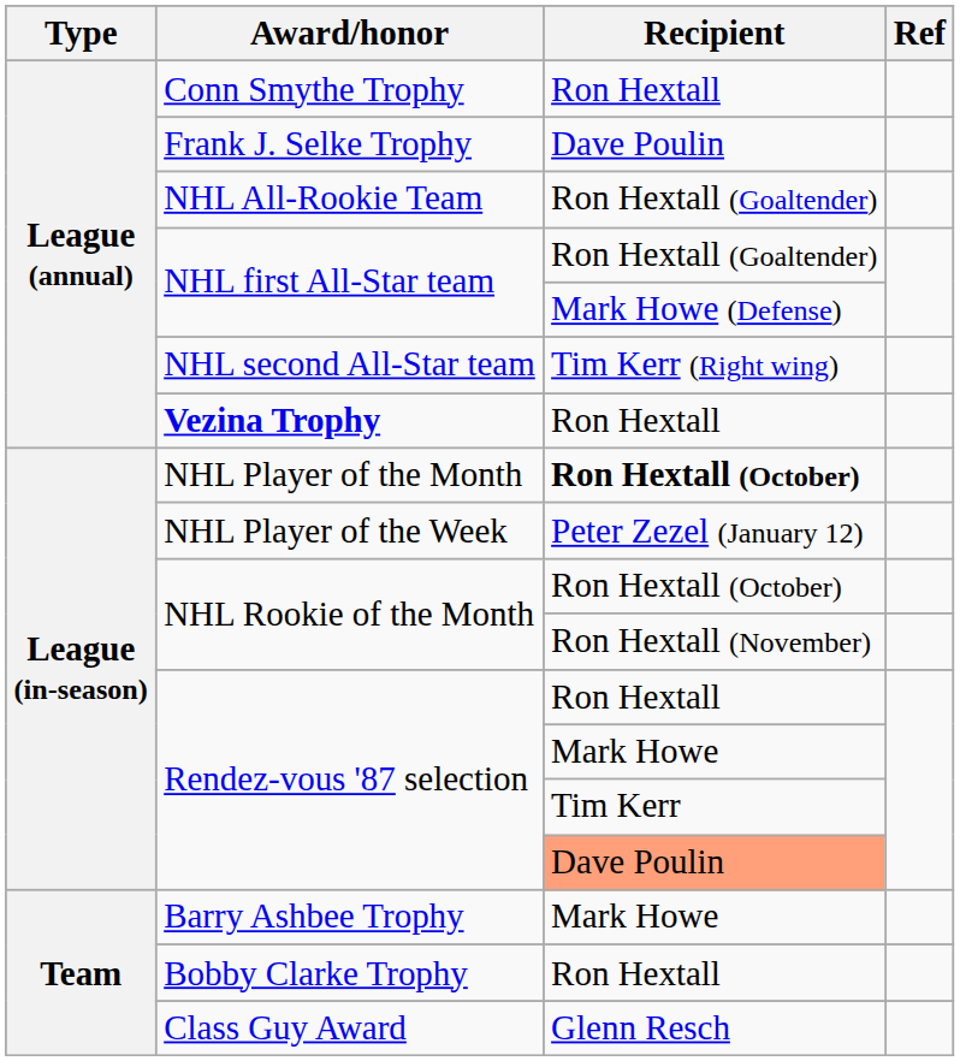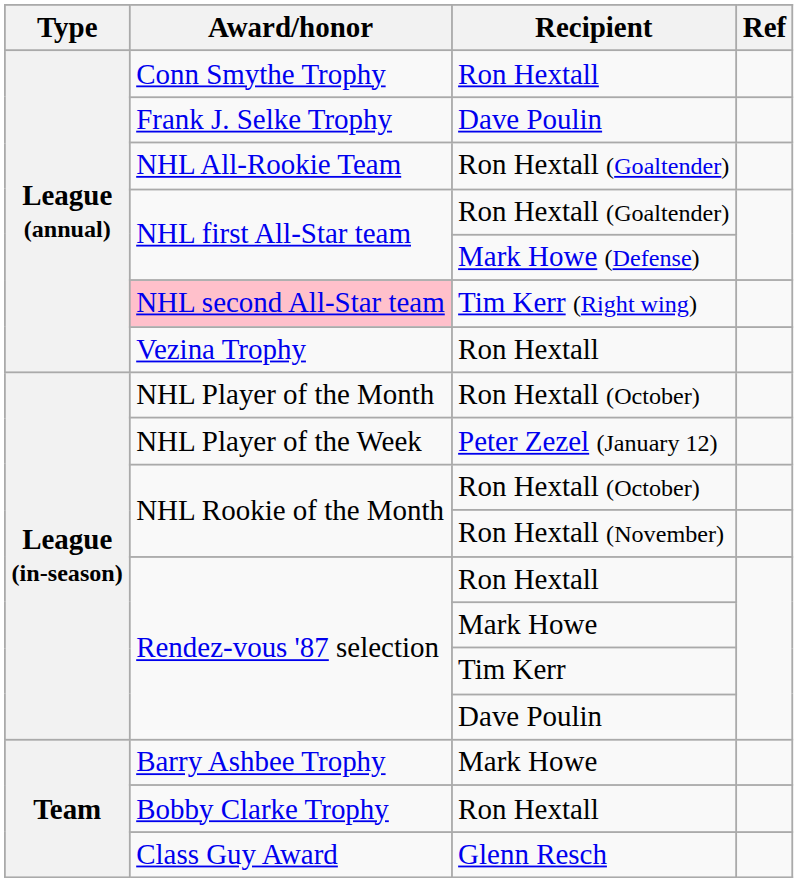 <table class="wikitable">
 <tr>
 <th scope="col">Type</th>
 <th scope="col">Award/honor</th>
 <th scope="col">Recipient</th>
 <th scope="col">Ref</th>
 </tr>
 <tr>
 <th scope="row" rowspan="7">League<br><small>(annual)</small></th>
 <td><a href='#'>Conn Smythe Trophy</a></td>
 <td><a href='#'>Ron Hextall</a></td>
 <td></td>
 </tr>
 <tr>
 <td><a href='#'>Frank J. Selke Trophy</a></td>
 <td><a href='#'>Dave Poulin</a></td>
 <td></td>
 </tr>
 <tr>
 <td><a href='#'>NHL All-Rookie Team</a></td>
 <td>Ron Hextall <small>(<a href='#'>Goaltender</a>)</small></td>
 <td></td>
 </tr>
 <tr>
 <td rowspan="2"><a href='#'>NHL first All-Star team</a></td>
 <td>Ron Hextall <small>(Goaltender)</small></td>
 <td rowspan="2"></td>
 </tr>
 <tr>
 <td><a href='#'>Mark Howe</a> <small>(<a href='#'>Defense</a>)</small></td>
 </tr>
 <tr>
-<td><a href='#'>NHL second All-Star team</a></td>
+<td style="background: pink;"><a href='#'>NHL second All-Star team</a></td>
 <td><a href='#'>Tim Kerr</a> <small>(<a href='#'>Right wing</a>)</small></td>
 <td></td>
 </tr>
 <tr>
-<td><strong><a href='#'>Vezina Trophy</a></strong></td>
+<td><a href='#'>Vezina Trophy</a></td>
 <td>Ron Hextall</td>
 <td></td>
 </tr>
 <tr>
 <th scope="row" rowspan="8">League<br><small>(in-season)</small></th>
 <td>NHL Player of the Month</td>
-<td><strong>Ron Hextall <small>(October)</small></strong></td>
+<td>Ron Hextall <small>(October)</small></td>
 <td></td>
 </tr>
 <tr>
 <td>NHL Player of the Week</td>
 <td><a href='#'>Peter Zezel</a> <small>(January 12)</small></td>
 <td></td>
 </tr>
 <tr>
 <td rowspan="2">NHL Rookie of the Month</td>
 <td>Ron Hextall <small>(October)</small></td>
 <td></td>
 </tr>
 <tr>
 <td>Ron Hextall <small>(November)</small></td>
 <td></td>
 </tr>
 <tr>
 <td rowspan="4"><a href='#'>Rendez-vous '87</a> selection</td>
 <td>Ron Hextall</td>
 <td rowspan="4"></td>
 </tr>
 <tr>
 <td>Mark Howe</td>
 </tr>
 <tr>
 <td>Tim Kerr</td>
 </tr>
 <tr>
-<td style="background: lightsalmon;">Dave Poulin</td>
+<td>Dave Poulin</td>
 </tr>
 <tr>
 <th scope="row" rowspan="3">Team</th>
 <td><a href='#'>Barry Ashbee Trophy</a></td>
 <td>Mark Howe</td>
 <td></td>
 </tr>
 <tr>
 <td><a href='#'>Bobby Clarke Trophy</a></td>
 <td>Ron Hextall</td>
 <td></td>
 </tr>
 <tr>
 <td><a href='#'>Class Guy Award</a></td>
 <td><a href='#'>Glenn Resch</a></td>
 <td></td>
 </tr>
 </table>
